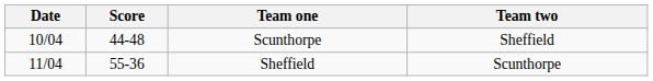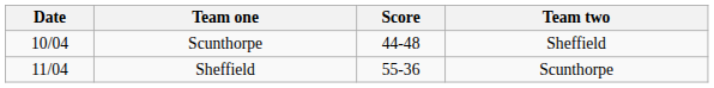 <table class="wikitable" style="text-align: center">
 <tr>
 <th width=80>Date</th>
+<th width=250>Team one</th>
 <th width=80>Score</th>
-<th width=250>Team one</th>
 <th width=250>Team two</th>
 </tr>
 <tr>
 <td>10/04</td>
+<td>Scunthorpe</td>
 <td>44-48</td>
-<td>Scunthorpe</td>
 <td>Sheffield</td>
 </tr>
 <tr>
 <td>11/04</td>
+<td>Sheffield</td>
 <td>55-36</td>
-<td>Sheffield</td>
 <td>Scunthorpe</td>
 </tr>
 </table>
